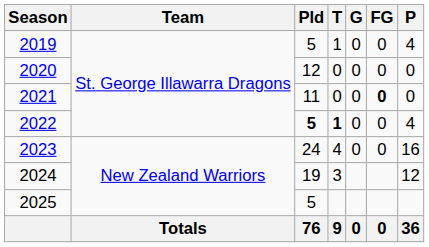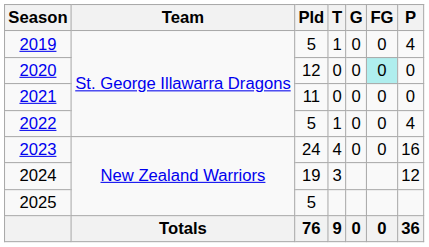 <table class="wikitable" style="border-collapse:collapse;text-align:center">
 <tr>
 <th>Season</th>
 <th>Team</th>
 <th>Pld</th>
 <th>T</th>
 <th>G</th>
 <th>FG</th>
 <th>P</th>
 </tr>
 <tr>
 <td><a href='#'>2019</a></td>
 <td rowspan="4"> <a href='#'>St. George Illawarra Dragons</a></td>
 <td>5</td>
 <td>1</td>
 <td>0</td>
 <td>0</td>
 <td>4</td>
 </tr>
 <tr>
 <td><a href='#'>2020</a></td>
 <td>12</td>
 <td>0</td>
 <td>0</td>
-<td>0</td>
+<td style="background: paleturquoise;">0</td>
 <td>0</td>
 </tr>
 <tr>
 <td><a href='#'>2021</a></td>
 <td>11</td>
 <td>0</td>
 <td>0</td>
-<td><strong>0</strong></td>
+<td>0</td>
 <td>0</td>
 </tr>
 <tr>
 <td><a href='#'>2022</a></td>
-<td><strong>5</strong></td>
-<td><strong>1</strong></td>
+<td>5</td>
+<td>1</td>
 <td>0</td>
 <td>0</td>
 <td>4</td>
 </tr>
 <tr>
 <td><a href='#'>2023</a></td>
 <td rowspan="3"> <a href='#'>New Zealand Warriors</a></td>
 <td>24</td>
 <td>4</td>
 <td>0</td>
 <td>0</td>
 <td>16</td>
 </tr>
 <tr>
 <td>2024</td>
 <td>19</td>
 <td>3</td>
 <td></td>
 <td></td>
 <td>12</td>
 </tr>
 <tr>
 <td>2025</td>
 <td>5</td>
 <td></td>
 <td></td>
 <td></td>
 <td></td>
 </tr>
 <tr>
 <th></th>
 <th>Totals</th>
 <th>76</th>
 <th>9</th>
 <th>0</th>
 <th>0</th>
 <th>36</th>
 </tr>
 </table>
